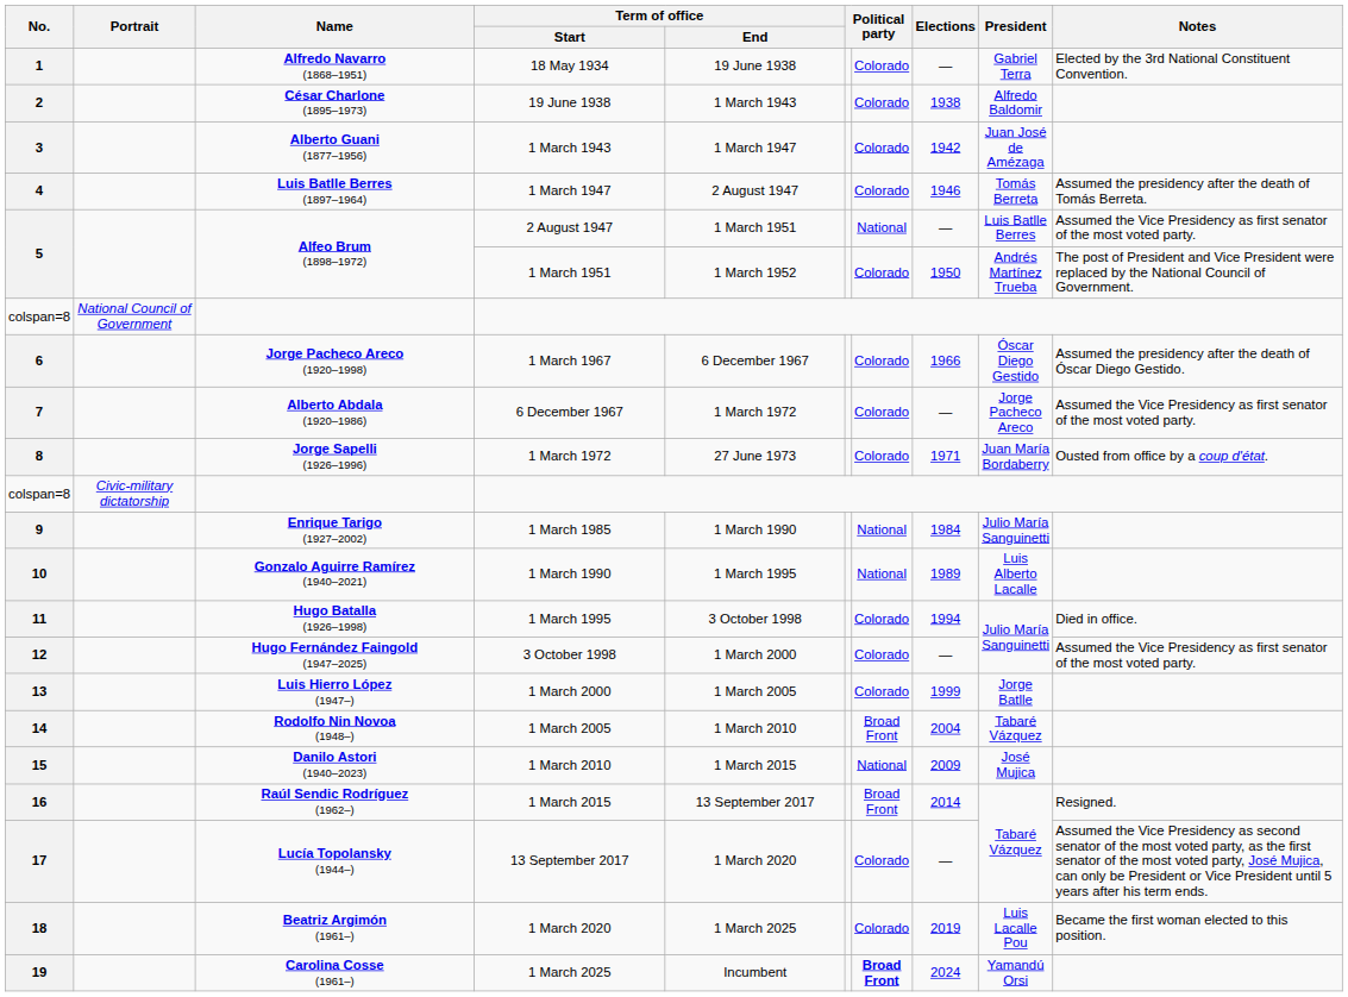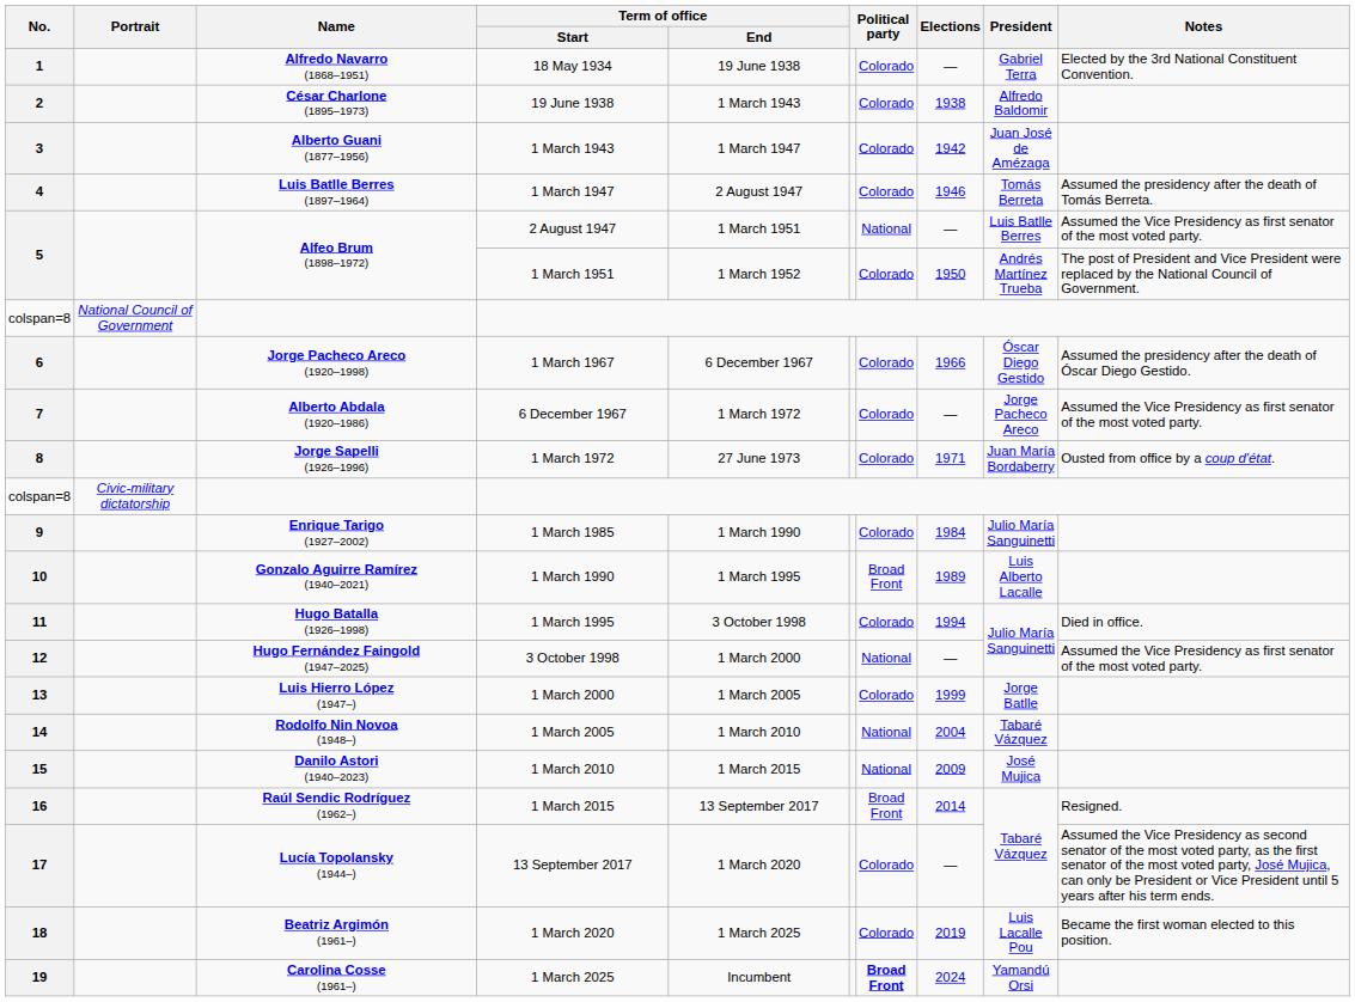 <table class="wikitable" width="100%" style="text-align: center;">
 <tr>
 <th rowspan="2" width="2.5%">No.</th>
 <th rowspan="2" width="10%">Portrait</th>
 <th rowspan="2" width="25%">Name<br></th>
 <th colspan="2" width="31.4%">Term of office</th>
 <th colspan="2" rowspan="2">Political<br>party</th>
 <th rowspan="2">Elections</th>
 <th rowspan="2">President</th>
 <th rowspan="2" width="26%">Notes<br></th>
 </tr>
 <tr>
 <th>Start</th>
 <th>End</th>
 </tr>
 <tr>
 <th>1</th>
 <td></td>
 <td><strong><a href='#'>Alfredo Navarro</a></strong><br><small>(1868–1951)</small></td>
 <td>18 May 1934</td>
 <td>19 June 1938</td>
 <td style="background:"></td>
 <td><a href='#'>Colorado</a></td>
 <td>—</td>
 <td><a href='#'>Gabriel Terra</a></td>
 <td align="left">Elected by the 3rd National Constituent Convention.</td>
 </tr>
 <tr>
 <th>2</th>
 <td></td>
 <td><strong><a href='#'>César Charlone</a></strong><br><small>(1895–1973)</small></td>
 <td>19 June 1938</td>
 <td>1 March 1943</td>
 <td style="background:"></td>
 <td><a href='#'>Colorado</a></td>
 <td><a href='#'>1938</a></td>
 <td><a href='#'>Alfredo Baldomir</a></td>
 <td align="left"></td>
 </tr>
 <tr>
 <th>3</th>
 <td></td>
 <td><strong><a href='#'>Alberto Guani</a></strong><br><small>(1877–1956)</small></td>
 <td>1 March 1943</td>
 <td>1 March 1947</td>
 <td style="background:"></td>
 <td><a href='#'>Colorado</a></td>
 <td><a href='#'>1942</a></td>
 <td><a href='#'>Juan José de Amézaga</a></td>
 <td align="left"></td>
 </tr>
 <tr>
 <th>4</th>
 <td></td>
 <td><strong><a href='#'>Luis Batlle Berres</a></strong><br><small>(1897–1964)</small></td>
 <td>1 March 1947</td>
 <td>2 August 1947</td>
 <td style="background:"></td>
 <td><a href='#'>Colorado</a></td>
 <td><a href='#'>1946</a></td>
 <td><a href='#'>Tomás Berreta</a></td>
 <td align="left">Assumed the presidency after the death of Tomás Berreta.</td>
 </tr>
 <tr>
 <th rowspan="2" bgcolor="">5</th>
 <td rowspan="2"></td>
 <td rowspan="2"><strong><a href='#'>Alfeo Brum</a></strong><br><small>(1898–1972)</small></td>
 <td>2 August 1947</td>
 <td>1 March 1951</td>
 <td style="background:"></td>
 <td><a href='#'>National</a></td>
 <td>—</td>
 <td><a href='#'>Luis Batlle Berres</a></td>
 <td align="left">Assumed the Vice Presidency as first senator of the most voted party.</td>
 </tr>
 <tr>
 <td>1 March 1951</td>
 <td>1 March 1952</td>
 <td style="background:"></td>
 <td><a href='#'>Colorado</a></td>
 <td><a href='#'>1950</a></td>
 <td><a href='#'>Andrés Martínez Trueba</a></td>
 <td align="left">The post of President and Vice President were replaced by the National Council of Government.</td>
 </tr>
 <tr>
 <td>colspan=8 </td>
 <td><em><a href='#'>National Council of Government</a></em></td>
 <td align="left"></td>
 </tr>
 <tr>
 <th>6</th>
 <td></td>
 <td><strong><a href='#'>Jorge Pacheco Areco</a></strong><br><small>(1920–1998)</small></td>
 <td>1 March 1967</td>
 <td>6 December 1967</td>
 <td style="background:"></td>
 <td><a href='#'>Colorado</a></td>
 <td><a href='#'>1966</a></td>
 <td><a href='#'>Óscar Diego Gestido</a></td>
 <td align="left">Assumed the presidency after the death of Óscar Diego Gestido.</td>
 </tr>
 <tr>
 <th>7</th>
 <td></td>
 <td><strong><a href='#'>Alberto Abdala</a></strong><br><small>(1920–1986)</small></td>
 <td>6 December 1967</td>
 <td>1 March 1972</td>
 <td style="background:"></td>
 <td><a href='#'>Colorado</a></td>
 <td>—</td>
 <td><a href='#'>Jorge Pacheco Areco</a></td>
 <td align="left">Assumed the Vice Presidency as first senator of the most voted party.</td>
 </tr>
 <tr>
 <th>8</th>
 <td></td>
 <td><strong><a href='#'>Jorge Sapelli</a></strong><br><small>(1926–1996)</small></td>
 <td>1 March 1972</td>
 <td>27 June 1973</td>
 <td style="background:"></td>
 <td><a href='#'>Colorado</a></td>
 <td><a href='#'>1971</a></td>
 <td><a href='#'>Juan María Bordaberry</a></td>
 <td align="left">Ousted from office by a <em><a href='#'>coup d'état</a></em>.</td>
 </tr>
 <tr>
 <td>colspan=8 </td>
 <td><em><a href='#'>Civic-military dictatorship</a></em></td>
 <td align="left"></td>
 </tr>
 <tr>
 <th>9</th>
 <td></td>
 <td><strong><a href='#'>Enrique Tarigo</a></strong><br><small>(1927–2002)</small></td>
 <td>1 March 1985</td>
 <td>1 March 1990</td>
 <td style="background:"></td>
-<td><a href='#'>National</a></td>
+<td><a href='#'>Colorado</a></td>
 <td><a href='#'>1984</a></td>
 <td><a href='#'>Julio María Sanguinetti</a></td>
 <td align="left"></td>
 </tr>
 <tr>
 <th>10</th>
 <td></td>
 <td><strong><a href='#'>Gonzalo Aguirre Ramírez</a></strong><br><small>(1940–2021)</small></td>
 <td>1 March 1990</td>
 <td>1 March 1995</td>
 <td style="background:"></td>
-<td><a href='#'>National</a></td>
+<td><a href='#'>Broad Front</a></td>
 <td><a href='#'>1989</a></td>
 <td><a href='#'>Luis Alberto Lacalle</a></td>
 <td align="left"></td>
 </tr>
 <tr>
 <th>11</th>
 <td></td>
 <td><strong><a href='#'>Hugo Batalla</a></strong><br><small>(1926–1998)</small></td>
 <td>1 March 1995</td>
 <td>3 October 1998</td>
 <td style="background:"></td>
 <td><a href='#'>Colorado</a></td>
 <td><a href='#'>1994</a></td>
 <td rowspan="2"><a href='#'>Julio María Sanguinetti</a></td>
 <td align="left">Died in office.</td>
 </tr>
 <tr>
 <th>12</th>
 <td></td>
 <td><strong><a href='#'>Hugo Fernández Faingold</a></strong><br><small>(1947–2025)</small></td>
 <td>3 October 1998</td>
 <td>1 March 2000</td>
 <td style="background:"></td>
-<td><a href='#'>Colorado</a></td>
+<td><a href='#'>National</a></td>
 <td>—</td>
 <td align="left">Assumed the Vice Presidency as first senator of the most voted party.</td>
 </tr>
 <tr>
 <th>13</th>
 <td></td>
 <td><strong><a href='#'>Luis Hierro López</a></strong><br><small>(1947–)</small></td>
 <td>1 March 2000</td>
 <td>1 March 2005</td>
 <td style="background:"></td>
 <td><a href='#'>Colorado</a></td>
 <td><a href='#'>1999</a></td>
 <td><a href='#'>Jorge Batlle</a></td>
 <td align="left"></td>
 </tr>
 <tr>
 <th>14</th>
 <td></td>
 <td><strong><a href='#'>Rodolfo Nin Novoa</a></strong><br><small>(1948–)</small></td>
 <td>1 March 2005</td>
 <td>1 March 2010</td>
 <td style="background:"></td>
-<td><a href='#'>Broad Front</a></td>
+<td><a href='#'>National</a></td>
 <td><a href='#'>2004</a></td>
 <td><a href='#'>Tabaré Vázquez</a></td>
 <td align="left"></td>
 </tr>
 <tr>
 <th>15</th>
 <td></td>
 <td><strong><a href='#'>Danilo Astori</a></strong><br><small>(1940–2023)</small></td>
 <td>1 March 2010</td>
 <td>1 March 2015</td>
 <td style="background:"></td>
 <td><a href='#'>National</a></td>
 <td><a href='#'>2009</a></td>
 <td><a href='#'>José Mujica</a></td>
 <td align="left"></td>
 </tr>
 <tr>
 <th>16</th>
 <td></td>
 <td><strong><a href='#'>Raúl Sendic Rodríguez</a></strong><br><small>(1962–)</small></td>
 <td>1 March 2015</td>
 <td>13 September 2017</td>
 <td style="background:"></td>
 <td><a href='#'>Broad Front</a></td>
 <td><a href='#'>2014</a></td>
 <td rowspan="2"><a href='#'>Tabaré Vázquez</a></td>
 <td align="left">Resigned.</td>
 </tr>
 <tr>
 <th>17</th>
 <td></td>
 <td><strong><a href='#'>Lucía Topolansky</a></strong><br><small>(1944–)</small></td>
 <td>13 September 2017</td>
 <td>1 March 2020</td>
 <td style="background:"></td>
 <td><a href='#'>Colorado</a></td>
 <td>—</td>
 <td align="left">Assumed the Vice Presidency as second senator of the most voted party, as the first senator of the most voted party, <a href='#'>José Mujica</a>, can only be President or Vice President until 5 years after his term ends.</td>
 </tr>
 <tr>
 <th>18</th>
 <td></td>
 <td><strong><a href='#'>Beatriz Argimón</a></strong><br><small>(1961–)</small></td>
 <td>1 March 2020</td>
 <td>1 March 2025</td>
 <td style="background:"></td>
 <td><a href='#'>Colorado</a></td>
 <td><a href='#'>2019</a></td>
 <td><a href='#'>Luis Lacalle Pou</a></td>
 <td align="left">Became the first woman elected to this position.</td>
 </tr>
 <tr>
 <th>19</th>
 <td></td>
 <td><strong><a href='#'>Carolina Cosse</a></strong><br><small>(1961–)</small></td>
 <td>1 March 2025</td>
 <td>Incumbent</td>
 <td style="background:"></td>
 <td><strong><a href='#'>Broad Front</a></strong></td>
 <td><a href='#'>2024</a></td>
 <td><a href='#'>Yamandú Orsi</a></td>
 <td align="left"></td>
 </tr>
 </table>
